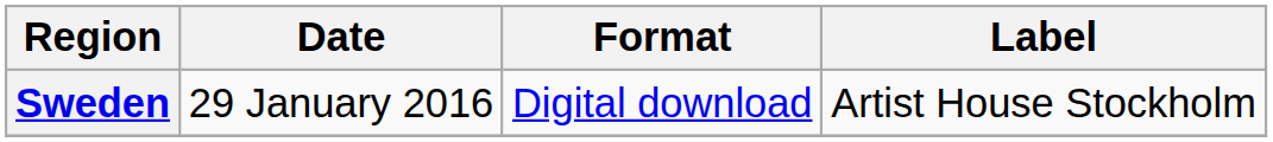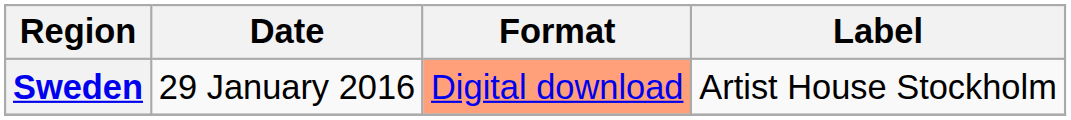 <table class="wikitable sortable plainrowheaders">
 <tr>
 <th scope="col">Region</th>
 <th scope="col">Date</th>
 <th scope="col">Format</th>
 <th scope="col">Label</th>
 </tr>
 <tr>
 <th scope="row"><a href='#'>Sweden</a></th>
 <td>29 January 2016</td>
-<td><a href='#'>Digital download</a></td>
+<td style="background: lightsalmon;"><a href='#'>Digital download</a></td>
 <td>Artist House Stockholm</td>
 </tr>
 <tr>
 </tr>
 </table>
